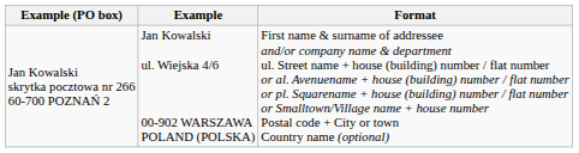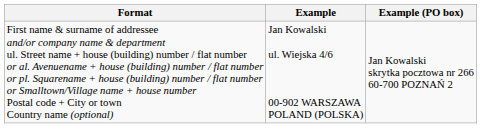 <table class="wikitable">
 <tr>
+<th>Format</th>
+<th>Example</th>
 <th>Example (PO box)</th>
-<th>Example</th>
-<th>Format</th>
 </tr>
 <tr>
+<td>First name & surname of addressee<br><em>and/or company name & department</em><br>ul. Street name + house (building) number / flat number<br><em>or al. Avenuename + house (building) number / flat number</em><br><em>or pl. Squarename + house (building) number / flat number</em><br><em>or Smalltown/Village name + house number</em><br>Postal code + City or town<br>Country name <em>(optional)</em></td>
+<td>Jan Kowalski<br><br>ul. Wiejska 4/6<br><br><br><br>00-902 WARSZAWA<br>POLAND (POLSKA)</td>
 <td>Jan Kowalski<br>skrytka pocztowa nr 266<br>60-700 POZNAŃ 2</td>
-<td>Jan Kowalski<br><br>ul. Wiejska 4/6<br><br><br><br>00-902 WARSZAWA<br>POLAND (POLSKA)</td>
-<td>First name & surname of addressee<br><em>and/or company name & department</em><br>ul. Street name + house (building) number / flat number<br><em>or al. Avenuename + house (building) number / flat number</em><br><em>or pl. Squarename + house (building) number / flat number</em><br><em>or Smalltown/Village name + house number</em><br>Postal code + City or town<br>Country name <em>(optional)</em></td>
 </tr>
 </table>
